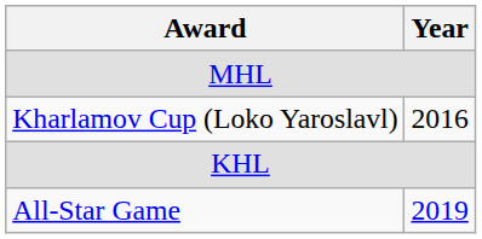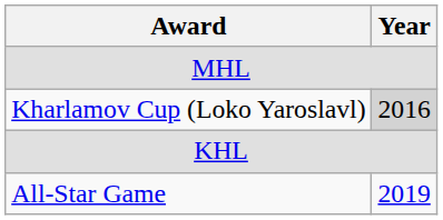 <table class="wikitable">
 <tr>
 <th>Award</th>
 <th>Year</th>
 </tr>
 <tr ALIGN="center" bgcolor="#e0e0e0">
 <td colspan="3"><a href='#'>MHL</a></td>
 </tr>
 <tr>
 <td><a href='#'>Kharlamov Cup</a> (Loko Yaroslavl)</td>
-<td>2016</td>
+<td style="background: lightgrey;">2016</td>
 </tr>
 <tr ALIGN="center" bgcolor="#e0e0e0">
 <td colspan="3"><a href='#'>KHL</a></td>
 </tr>
 <tr>
 <td><a href='#'>All-Star Game</a></td>
 <td><a href='#'>2019</a></td>
 </tr>
 </table>
